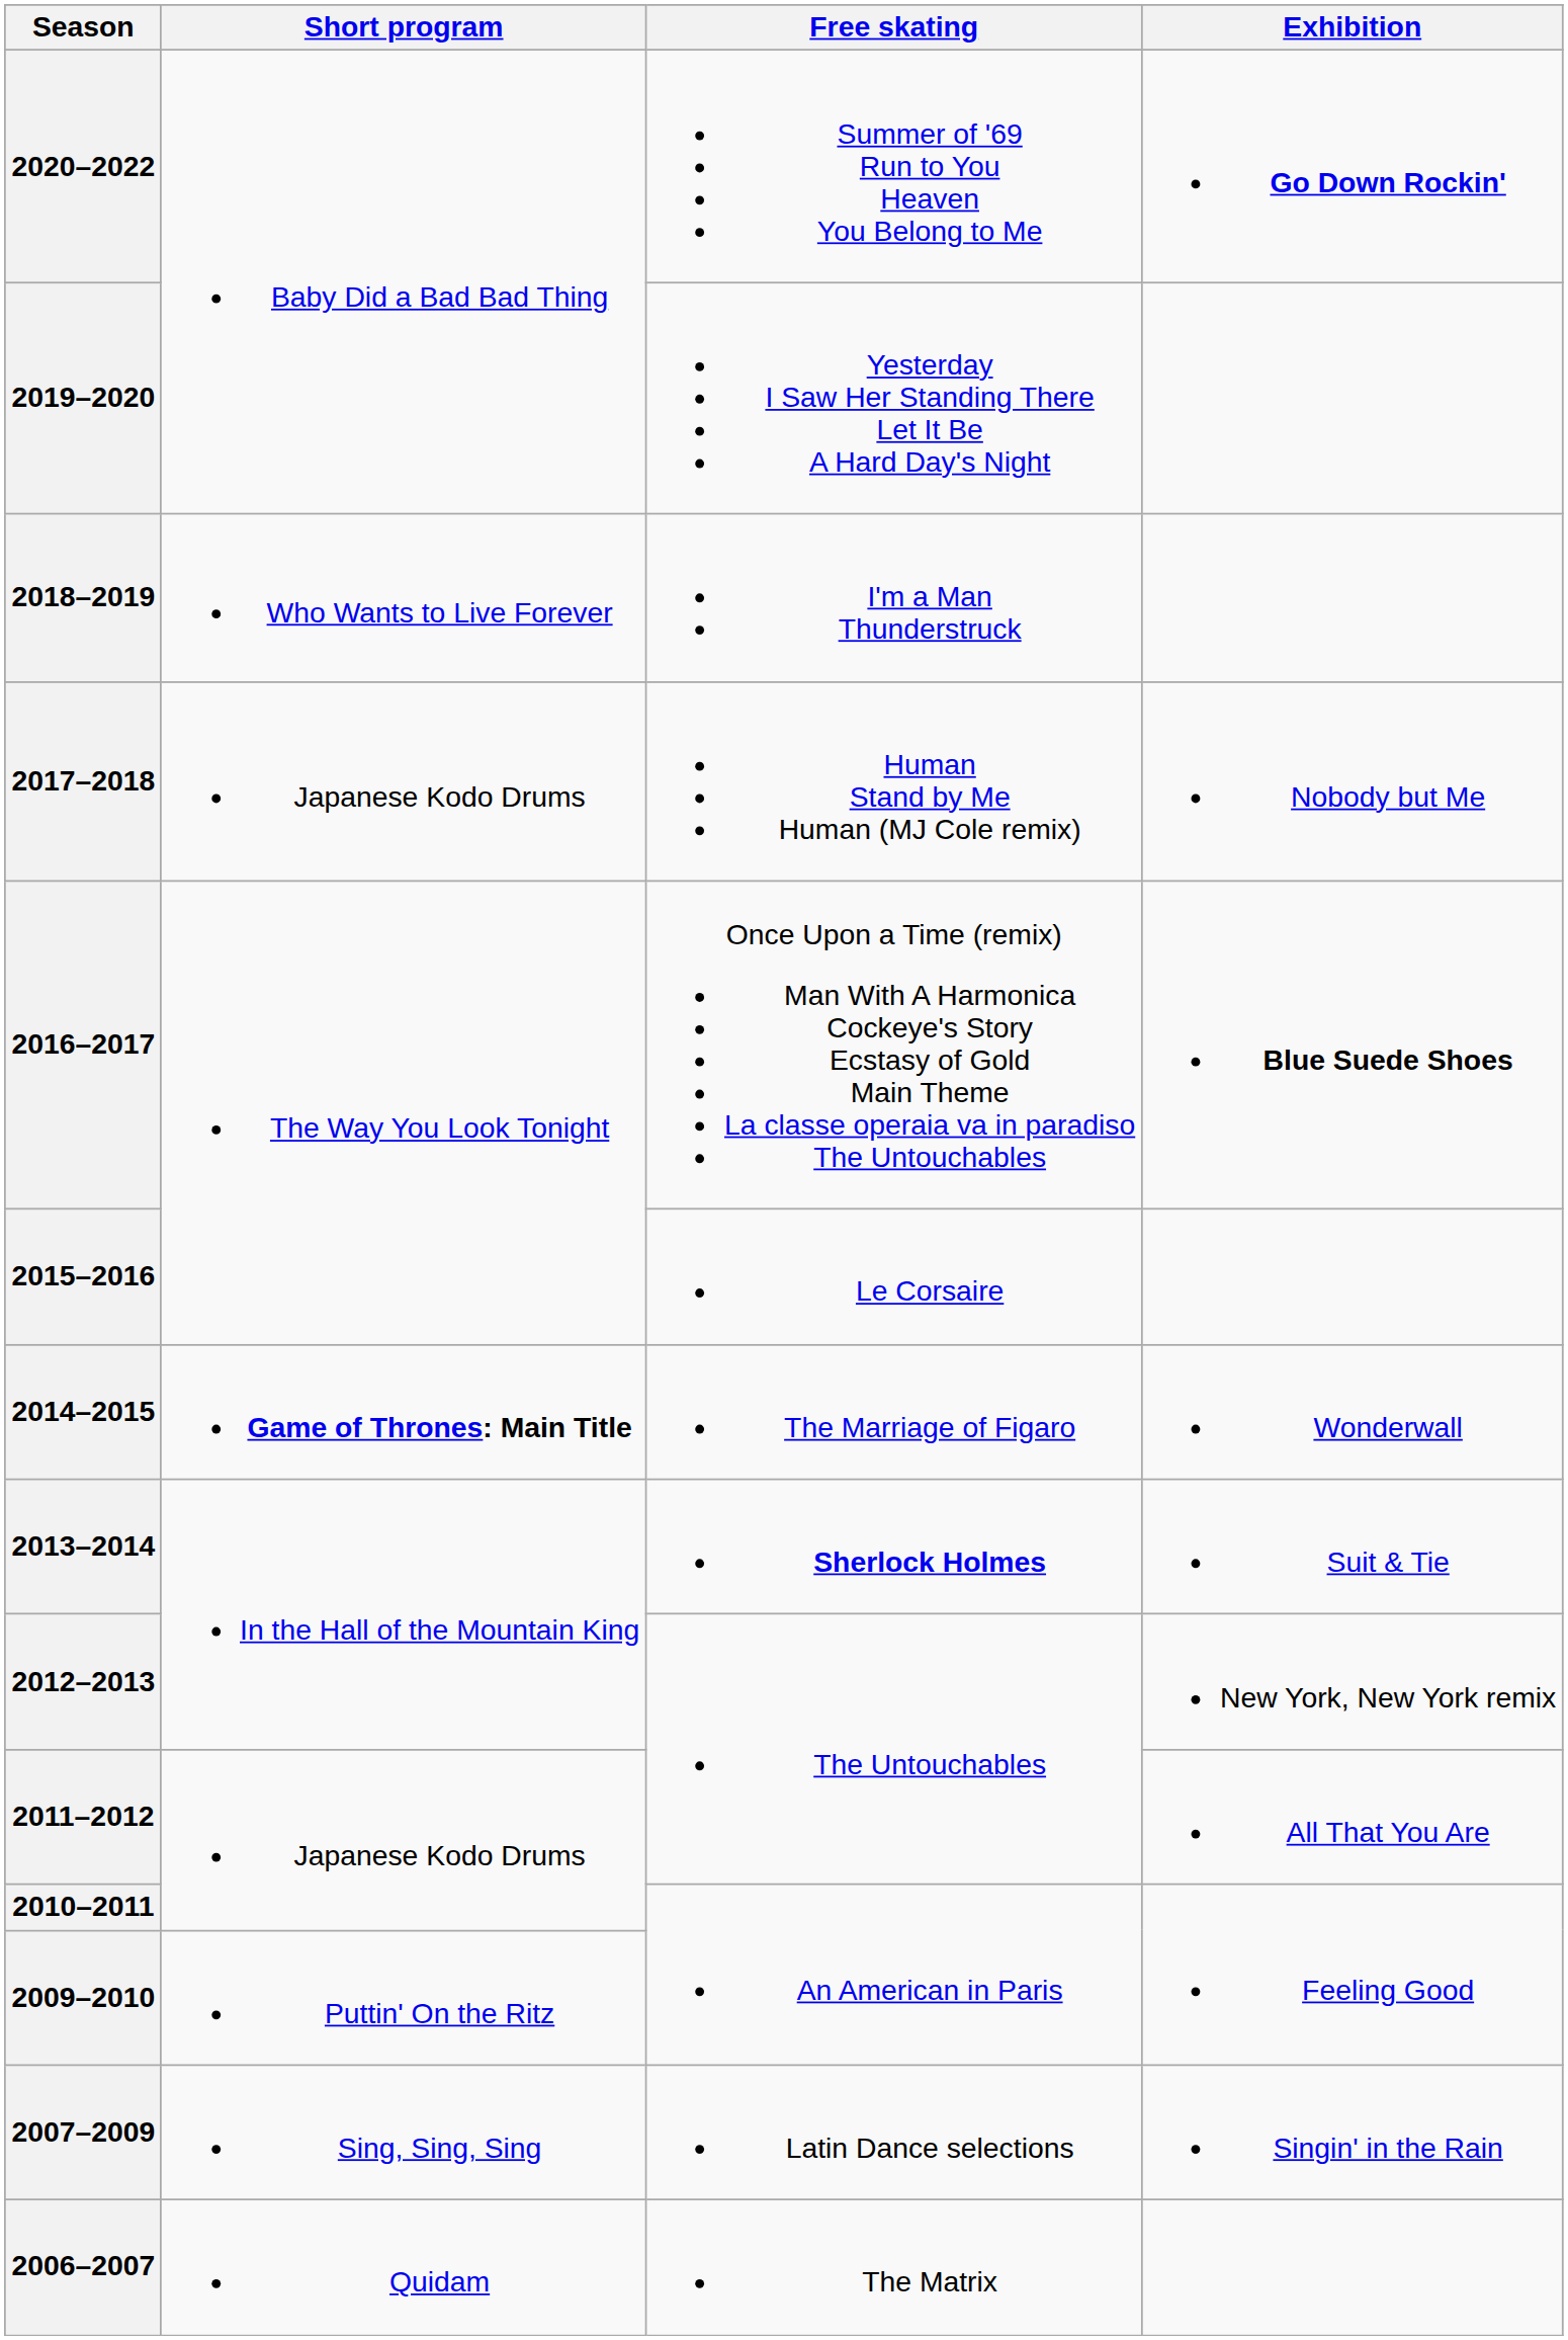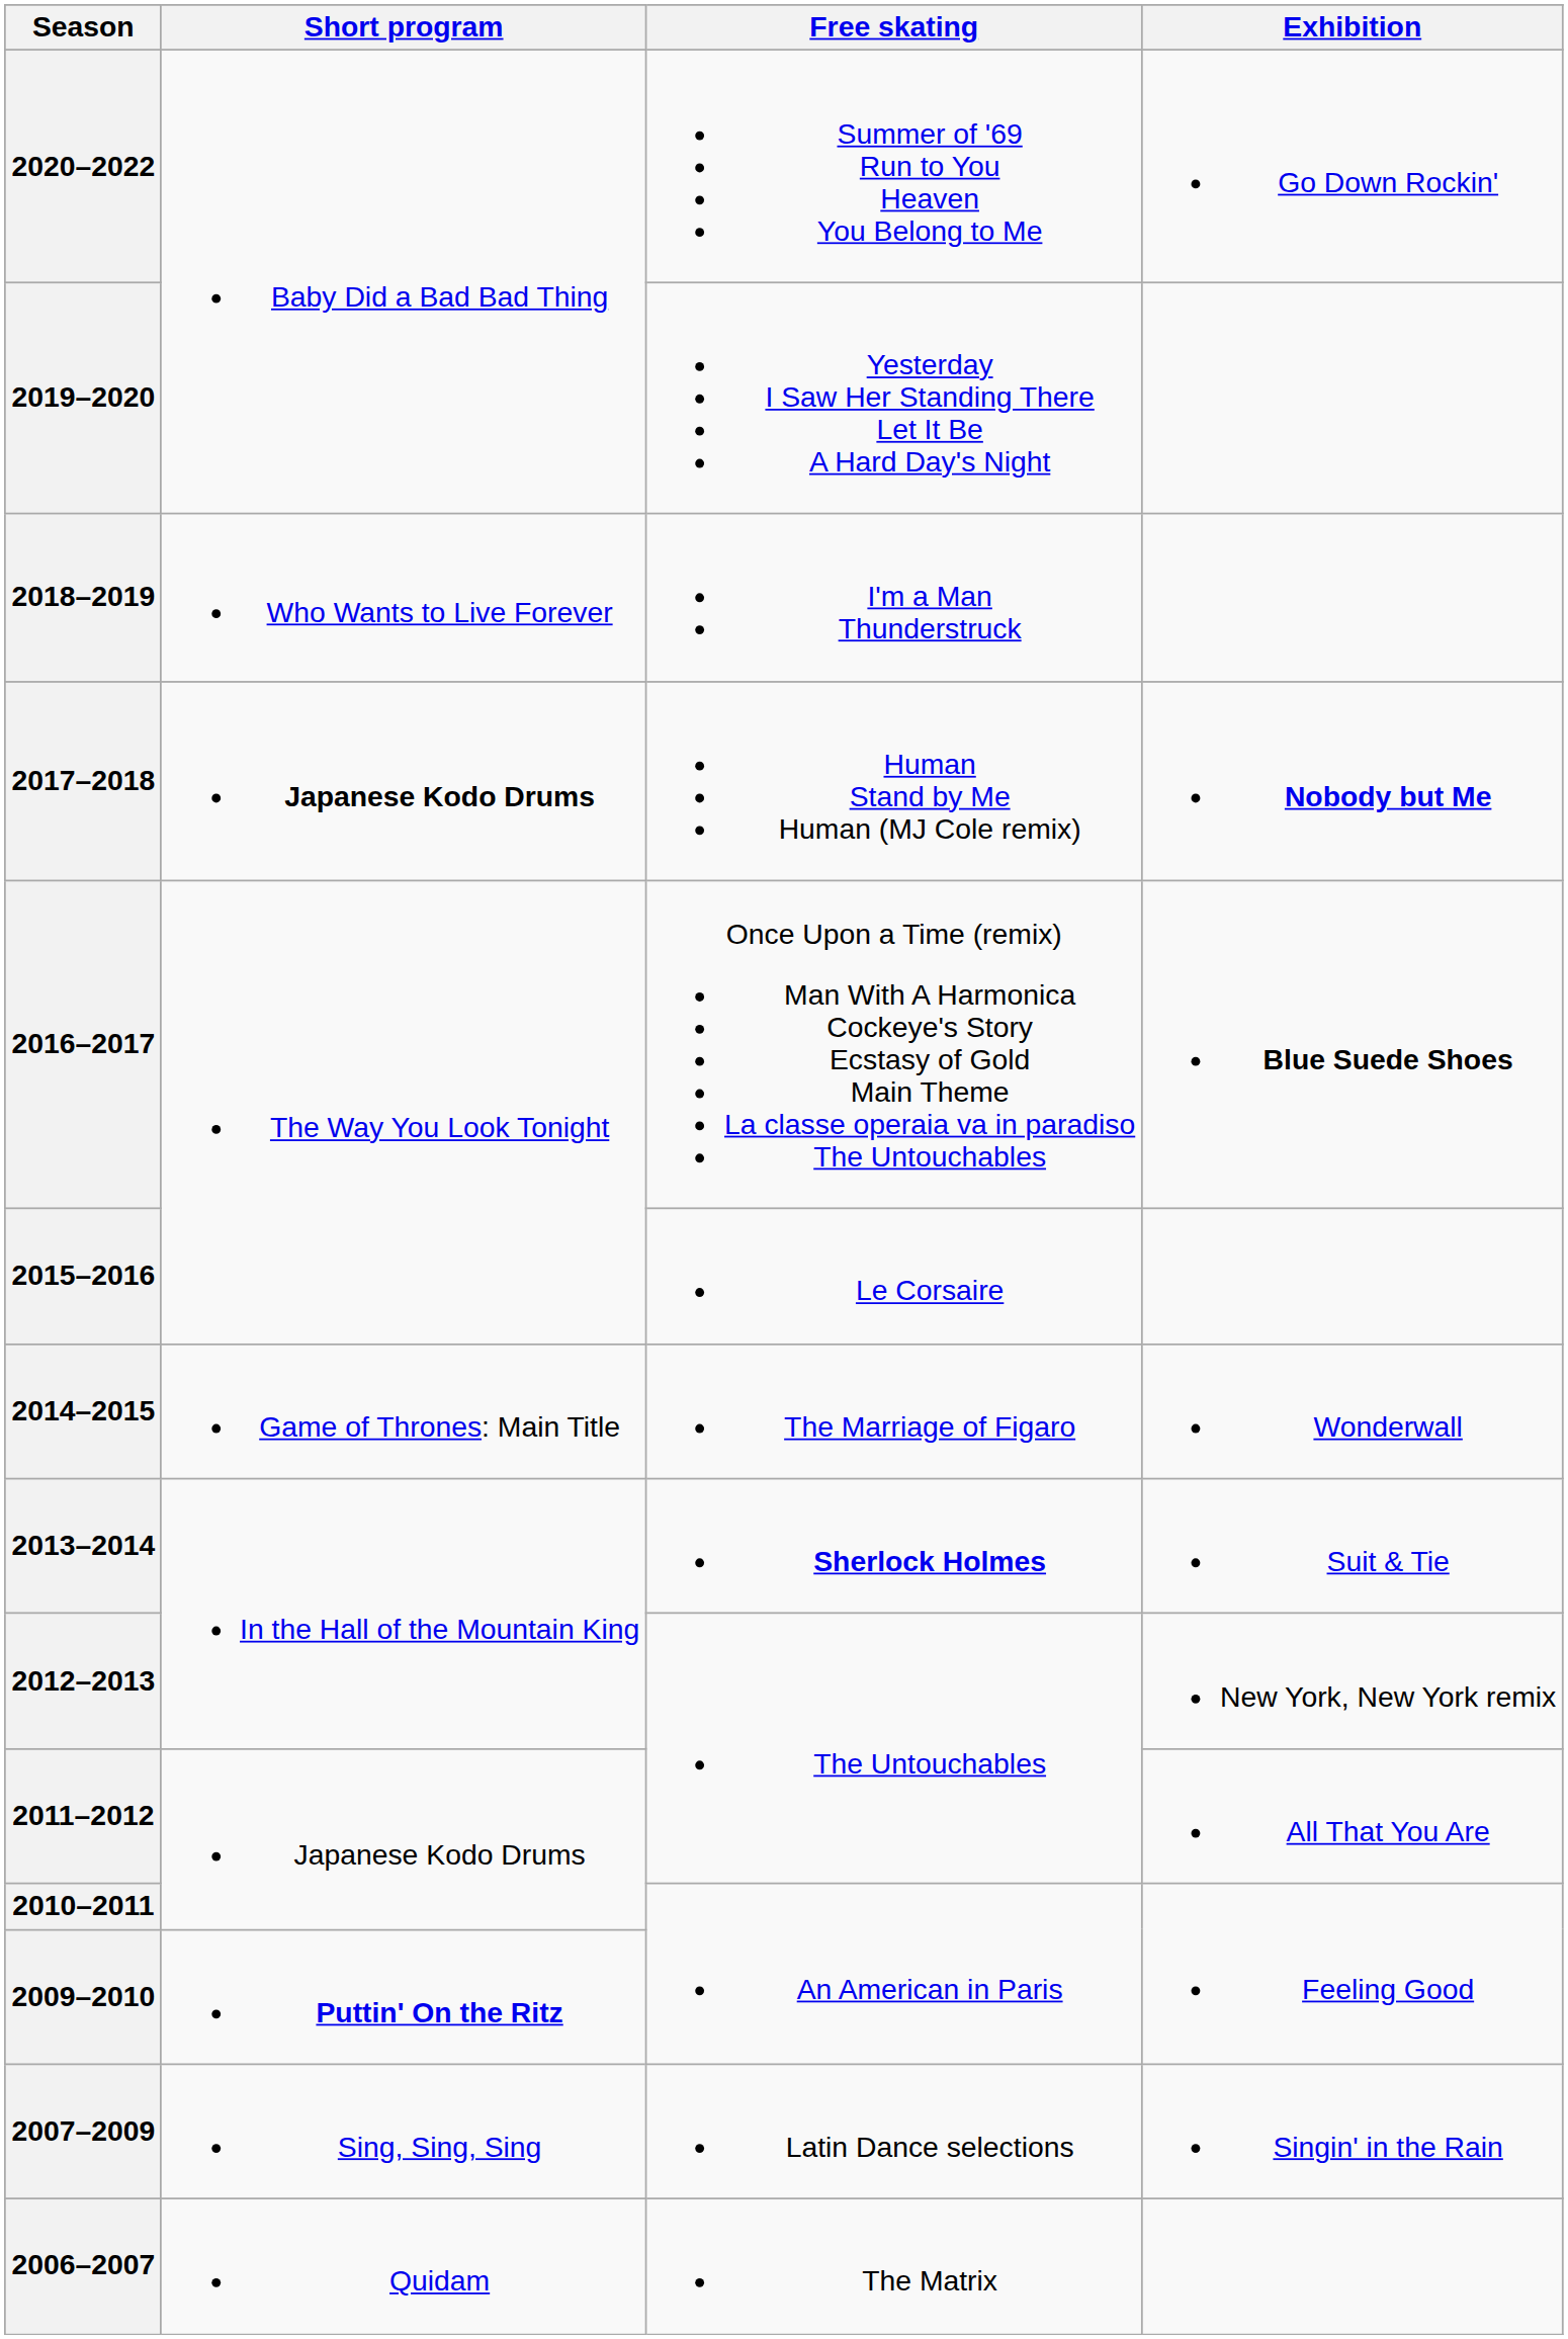 <table class=wikitable style=text-align:center>
 <tr>
 <th>Season</th>
 <th><a href='#'>Short program</a></th>
 <th><a href='#'>Free skating</a></th>
 <th><a href='#'>Exhibition</a></th>
 </tr>
 <tr>
 <th>2020–2022 <br> </th>
 <td rowspan="2"><br><ul><li><a href='#'>Baby Did a Bad Bad Thing</a> <br></li></ul></td>
 <td><br><ul><li><a href='#'>Summer of '69</a></li><li><a href='#'>Run to You</a></li><li><a href='#'>Heaven</a></li><li><a href='#'>You Belong to Me</a><br></li></ul></td>
-<td><strong><br><ul><li><a href='#'>Go Down Rockin'</a> <br> </li></ul></strong></td>
+<td><br><ul><li><a href='#'>Go Down Rockin'</a> <br> </li></ul></td>
 </tr>
 <tr>
 <th>2019–2020 <br> </th>
 <td><br><ul><li><a href='#'>Yesterday</a></li><li><a href='#'>I Saw Her Standing There</a></li><li><a href='#'>Let It Be</a></li><li><a href='#'>A Hard Day's Night</a> <br> </li></ul></td>
 <td></td>
 </tr>
 <tr>
 <th>2018–2019 <br> </th>
 <td><br><ul><li><a href='#'>Who Wants to Live Forever</a> <br></li></ul></td>
 <td><br><ul><li><a href='#'>I'm a Man</a> <br> </li><li><a href='#'>Thunderstruck</a> <br> </li></ul></td>
 <td></td>
 </tr>
 <tr>
 <th>2017–2018 <br> </th>
-<td><br><ul><li>Japanese Kodo Drums <br></li></ul></td>
+<td><strong><br><ul><li>Japanese Kodo Drums <br></li></ul></strong></td>
 <td><br><ul><li><a href='#'>Human</a> <br></li><li><a href='#'>Stand by Me</a> <br></li><li>Human (MJ Cole remix) <br></li></ul></td>
-<td><br><ul><li><a href='#'>Nobody but Me</a> <br></li></ul></td>
+<td><strong><br><ul><li><a href='#'>Nobody but Me</a> <br></li></ul></strong></td>
 </tr>
 <tr>
 <th>2016–2017 <br> </th>
 <td rowspan="2"><br><ul><li><a href='#'>The Way You Look Tonight</a> <br></li></ul></td>
 <td><br>Once Upon a Time (remix) <br><ul><li>Man With A Harmonica <br></li><li>Cockeye's Story <br></li><li>Ecstasy of Gold <br></li><li>Main Theme <br></li><li><a href='#'>La classe operaia va in paradiso</a></li><li><a href='#'>The Untouchables</a></li></ul></td>
 <td><strong><br><ul><li>Blue Suede Shoes <br></li></ul></strong></td>
 </tr>
 <tr>
 <th>2015–2016 <br> </th>
 <td><br><ul><li><a href='#'>Le Corsaire</a> <br></li></ul></td>
 <td></td>
 </tr>
 <tr>
 <th>2014–2015 <br> </th>
-<td><strong><br><ul><li><a href='#'>Game of Thrones</a>: Main Title <br></li></ul></strong></td>
+<td><br><ul><li><a href='#'>Game of Thrones</a>: Main Title <br></li></ul></td>
 <td><br><ul><li><a href='#'>The Marriage of Figaro</a> <br></li></ul></td>
 <td><br><ul><li><a href='#'>Wonderwall</a> <br></li></ul></td>
 </tr>
 <tr>
 <th>2013–2014 <br> </th>
 <td rowspan="2"><br><ul><li><a href='#'>In the Hall of the Mountain King</a> <br></li></ul></td>
 <td><strong><br><ul><li><a href='#'>Sherlock Holmes</a> <br></li></ul></strong></td>
 <td><br><ul><li><a href='#'>Suit & Tie</a> <br></li></ul></td>
 </tr>
 <tr>
 <th>2012–2013 <br> </th>
 <td rowspan=2><br><ul><li><a href='#'>The Untouchables</a> <br></li></ul></td>
 <td><br><ul><li>New York, New York remix</li></ul></td>
 </tr>
 <tr>
 <th>2011–2012 <br> </th>
 <td rowspan="2"><br><ul><li>Japanese Kodo Drums <br></li></ul></td>
 <td><br><ul><li><a href='#'>All That You Are</a> <br></li></ul></td>
 </tr>
 <tr>
 <th>2010–2011 <br> </th>
 <td rowspan="2"><br><ul><li><a href='#'>An American in Paris</a> <br></li></ul></td>
 <td rowspan="2"><br><ul><li><a href='#'>Feeling Good</a> <br></li></ul></td>
 </tr>
 <tr>
 <th>2009–2010 <br> </th>
-<td><br><ul><li><a href='#'>Puttin' On the Ritz</a> <br></li></ul></td>
+<td><strong><br><ul><li><a href='#'>Puttin' On the Ritz</a> <br></li></ul></strong></td>
 </tr>
 <tr>
 <th>2007–2009 <br> </th>
 <td><br><ul><li><a href='#'>Sing, Sing, Sing</a> <br></li></ul></td>
 <td><br><ul><li>Latin Dance selections <br></li></ul></td>
 <td><br><ul><li><a href='#'>Singin' in the Rain</a> <br></li></ul></td>
 </tr>
 <tr>
 <th>2006–2007 <br> </th>
 <td><br><ul><li><a href='#'>Quidam</a> <br></li></ul></td>
 <td><br><ul><li>The Matrix</li></ul></td>
 <td></td>
 </tr>
 </table>
